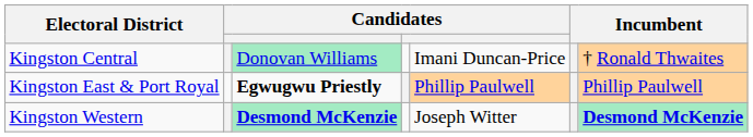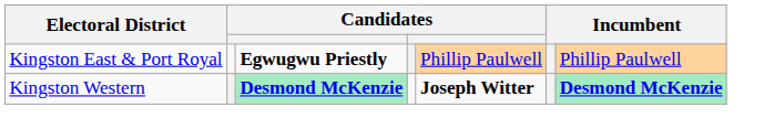 <table class="wikitable">
 <tr>
 <th rowspan="2">Electoral District</th>
 <th colspan="4">Candidates</th>
 <th colspan="2" rowspan="2">Incumbent</th>
 </tr>
 <tr>
 <th colspan="2" style="background:"><a href='#'></a></th>
 <th colspan="2" style="background:"><a href='#'></a></th>
-</tr>
-<tr>
-<td><a href='#'>Kingston Central</a></td>
-<th style="background:"></th>
-<td style="background:#a3ebc3"><a href='#'>Donovan Williams</a></td>
-<td></td>
-<td>Imani Duncan-Price</td>
-<th style="background:"></th>
-<td style="background:#FFD39B">† <a href='#'>Ronald Thwaites</a></td>
 </tr>
 <tr>
 <td><a href='#'>Kingston East & Port Royal</a></td>
 <td></td>
 <td><strong>Egwugwu Priestly</strong></td>
 <th style="background:"></th>
 <td style="background:#FFD39B"><a href='#'>Phillip Paulwell</a></td>
 <th style="background:"></th>
 <td style="background:#FFD39B"><a href='#'>Phillip Paulwell</a></td>
 </tr>
 <tr>
 <td><a href='#'>Kingston Western</a></td>
 <th style="background:"></th>
 <td style="background:#a3ebc3"><strong><a href='#'>Desmond McKenzie</a></strong></td>
 <td></td>
-<td>Joseph Witter</td>
+<td><strong>Joseph Witter</strong></td>
 <th style="background:"></th>
 <td style="background:#a3ebc3"><strong><a href='#'>Desmond McKenzie</a></strong></td>
 </tr>
 </table>
